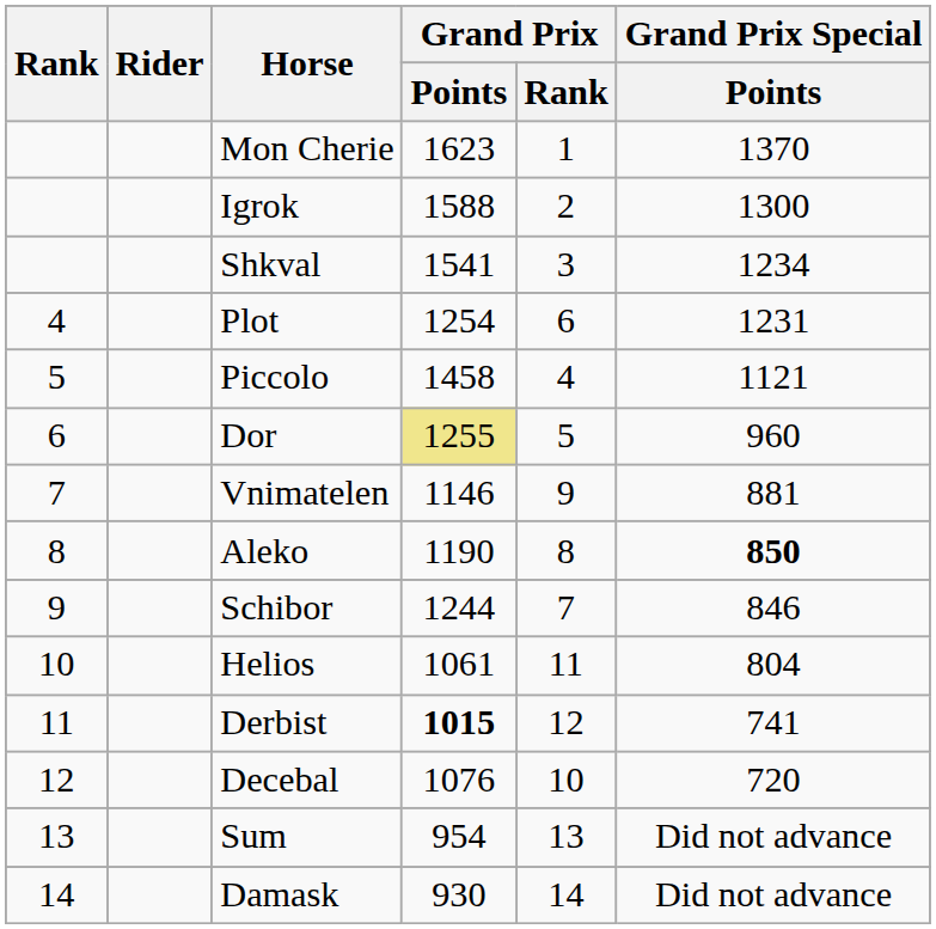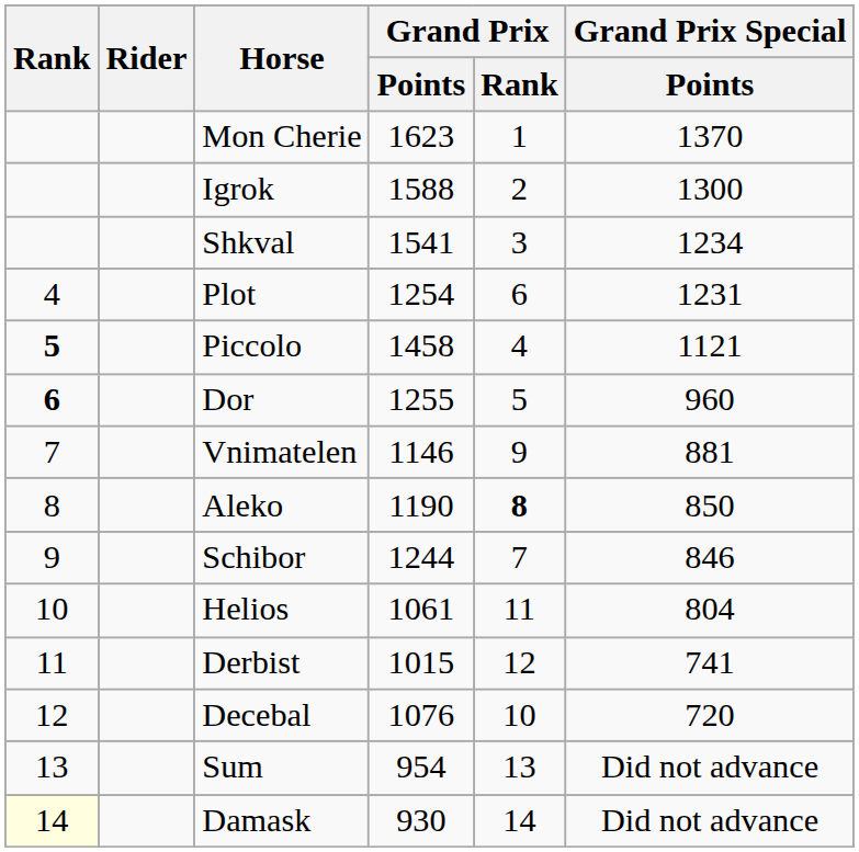 <table class="wikitable sortable" style="text-align:center;">
 <tr>
 <th rowspan=2>Rank</th>
 <th rowspan=2>Rider</th>
 <th rowspan=2>Horse</th>
 <th colspan=2>Grand Prix</th>
 <th>Grand Prix Special</th>
 </tr>
 <tr>
 <th>Points</th>
 <th>Rank</th>
 <th>Points</th>
 </tr>
 <tr>
 <td></td>
 <td align=left></td>
 <td align=left>Mon Cherie</td>
 <td>1623</td>
 <td>1</td>
 <td>1370</td>
 </tr>
 <tr>
 <td></td>
 <td align=left></td>
 <td align=left>Igrok</td>
 <td>1588</td>
 <td>2</td>
 <td>1300</td>
 </tr>
 <tr>
 <td></td>
 <td align=left></td>
 <td align=left>Shkval</td>
 <td>1541</td>
 <td>3</td>
 <td>1234</td>
 </tr>
 <tr>
 <td>4</td>
 <td align=left></td>
 <td align=left>Plot</td>
 <td>1254</td>
 <td>6</td>
 <td>1231</td>
 </tr>
 <tr>
-<td>5</td>
+<td><strong>5</strong></td>
 <td align=left></td>
 <td align=left>Piccolo</td>
 <td>1458</td>
 <td>4</td>
 <td>1121</td>
 </tr>
 <tr>
-<td>6</td>
+<td><strong>6</strong></td>
 <td align=left></td>
 <td align=left>Dor</td>
-<td style="background: khaki;">1255</td>
+<td>1255</td>
 <td>5</td>
 <td>960</td>
 </tr>
 <tr>
 <td>7</td>
 <td align=left></td>
 <td align=left>Vnimatelen</td>
 <td>1146</td>
 <td>9</td>
 <td>881</td>
 </tr>
 <tr>
 <td>8</td>
 <td align=left></td>
 <td align=left>Aleko</td>
 <td>1190</td>
-<td>8</td>
-<td><strong>850</strong></td>
+<td><strong>8</strong></td>
+<td>850</td>
 </tr>
 <tr>
 <td>9</td>
 <td align=left></td>
 <td align=left>Schibor</td>
 <td>1244</td>
 <td>7</td>
 <td>846</td>
 </tr>
 <tr>
 <td>10</td>
 <td align=left></td>
 <td align=left>Helios</td>
 <td>1061</td>
 <td>11</td>
 <td>804</td>
 </tr>
 <tr>
 <td>11</td>
 <td align=left></td>
 <td align=left>Derbist</td>
-<td><strong>1015</strong></td>
+<td>1015</td>
 <td>12</td>
 <td>741</td>
 </tr>
 <tr>
 <td>12</td>
 <td align=left></td>
 <td align=left>Decebal</td>
 <td>1076</td>
 <td>10</td>
 <td>720</td>
 </tr>
 <tr>
 <td>13</td>
 <td align=left></td>
 <td align=left>Sum</td>
 <td>954</td>
 <td>13</td>
 <td>Did not advance</td>
 </tr>
 <tr>
-<td>14</td>
+<td style="background: lightyellow;">14</td>
 <td align=left></td>
 <td align=left>Damask</td>
 <td>930</td>
 <td>14</td>
 <td>Did not advance</td>
 </tr>
 </table>
